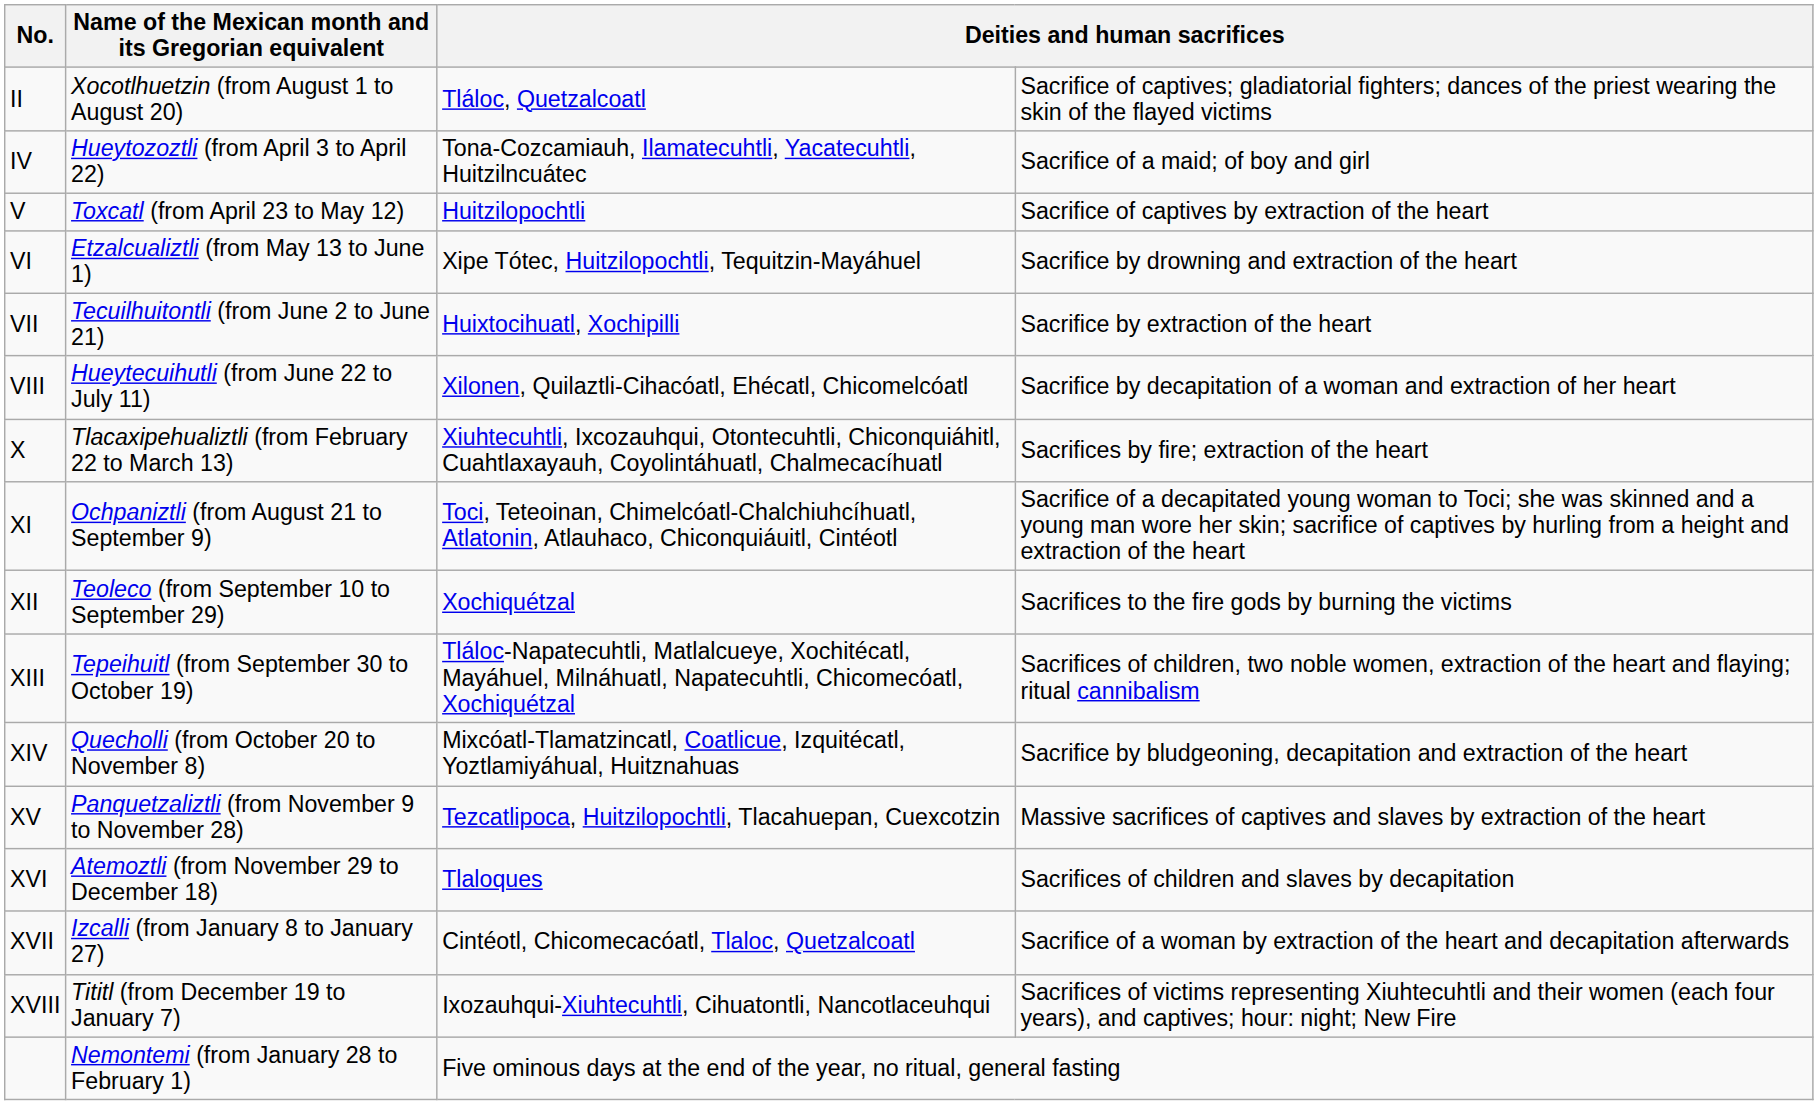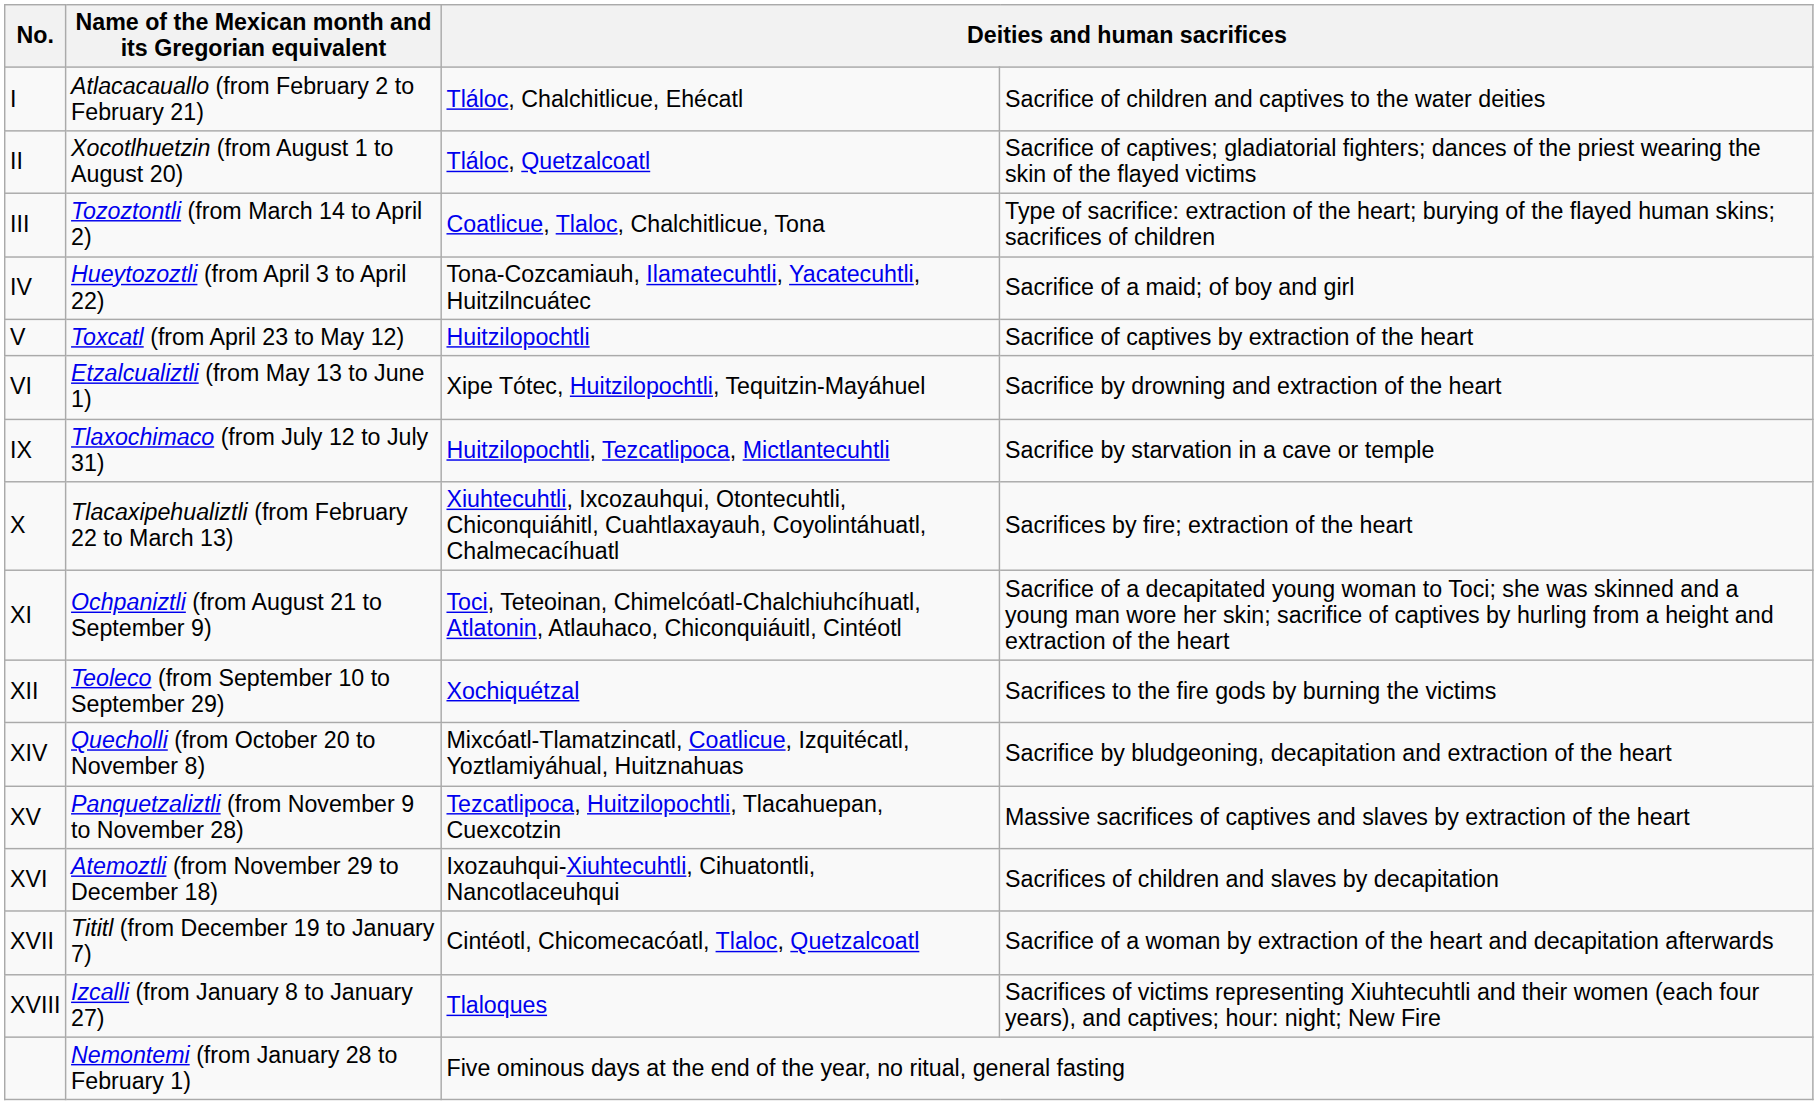 <table class="wikitable">
 <tr>
 <th style="align:center">No.</th>
 <th style="align:center">Name of the Mexican month and its Gregorian equivalent</th>
 <th style="align:center" colspan=2>Deities and human sacrifices</th>
 </tr>
 <tr>
+<td>I</td>
+<td><em>Atlacacauallo</em>  (from February 2 to February 21)</td>
+<td><a href='#'>Tláloc</a>,  Chalchitlicue,  Ehécatl</td>
+<td>Sacrifice of children and captives to the water deities</td>
+</tr>
+<tr>
 <td>II</td>
 <td><em>Xocotlhuetzin</em>  (from August 1 to August 20)</td>
 <td><a href='#'>Tláloc</a>,  <a href='#'>Quetzalcoatl</a></td>
 <td>Sacrifice of captives; gladiatorial fighters; dances of the priest wearing the skin of the flayed victims</td>
+</tr>
+<tr>
+<td>III</td>
+<td><em><a href='#'>Tozoztontli</a></em>  (from March 14 to April 2)</td>
+<td><a href='#'>Coatlicue</a>,  <a href='#'>Tlaloc</a>,  Chalchitlicue,  Tona</td>
+<td>Type of sacrifice: extraction of the heart; burying of the flayed human skins; sacrifices of children</td>
 </tr>
 <tr>
 <td>IV</td>
 <td><em><a href='#'>Hueytozoztli</a></em>  (from April 3 to April 22)</td>
 <td>Tona-Cozcamiauh,  <a href='#'>Ilamatecuhtli</a>,  <a href='#'>Yacatecuhtli</a>,  Huitzilncuátec</td>
 <td>Sacrifice of a maid; of boy and girl</td>
 </tr>
 <tr>
 <td>V</td>
 <td><em><a href='#'>Toxcatl</a></em>  (from April 23 to May 12)</td>
 <td><a href='#'>Huitzilopochtli</a></td>
 <td>Sacrifice of captives by extraction of the heart</td>
 </tr>
 <tr>
 <td>VI</td>
 <td><em><a href='#'>Etzalcualiztli</a></em>  (from May 13 to June 1)</td>
 <td>Xipe Tótec,  <a href='#'>Huitzilopochtli</a>,  Tequitzin-Mayáhuel</td>
 <td>Sacrifice by drowning and extraction of the heart</td>
 </tr>
 <tr>
-<td>VII</td>
-<td><em><a href='#'>Tecuilhuitontli</a></em>  (from June 2 to June 21)</td>
-<td><a href='#'>Huixtocihuatl</a>,  <a href='#'>Xochipilli</a></td>
-<td>Sacrifice by extraction of the heart</td>
-</tr>
-<tr>
-<td>VIII</td>
-<td><em><a href='#'>Hueytecuihutli</a></em>  (from June 22 to July 11)</td>
-<td><a href='#'>Xilonen</a>,  Quilaztli-Cihacóatl,  Ehécatl,  Chicomelcóatl</td>
-<td>Sacrifice by decapitation of a woman and extraction of her heart</td>
+<td>IX</td>
+<td><em><a href='#'>Tlaxochimaco</a></em>  (from July 12 to July 31)</td>
+<td><a href='#'>Huitzilopochtli</a>,  <a href='#'>Tezcatlipoca</a>,  <a href='#'>Mictlantecuhtli</a></td>
+<td>Sacrifice by starvation in a cave or temple</td>
 </tr>
 <tr>
 <td>X</td>
 <td><em>Tlacaxipehualiztli</em>  (from February 22 to March 13)</td>
 <td><a href='#'>Xiuhtecuhtli</a>,  Ixcozauhqui,  Otontecuhtli,  Chiconquiáhitl,  Cuahtlaxayauh,  Coyolintáhuatl,  Chalmecacíhuatl</td>
 <td>Sacrifices by fire; extraction of the heart</td>
 </tr>
 <tr>
 <td>XI</td>
 <td><em><a href='#'>Ochpaniztli</a></em>  (from August 21 to September 9)</td>
 <td><a href='#'>Toci</a>,  Teteoinan,  Chimelcóatl-Chalchiuhcíhuatl,  <a href='#'>Atlatonin</a>,  Atlauhaco,  Chiconquiáuitl,  Cintéotl</td>
 <td>Sacrifice of a decapitated young woman to Toci; she was skinned and a young man wore her skin; sacrifice of captives by hurling from a height and extraction of the heart</td>
 </tr>
 <tr>
 <td>XII</td>
 <td><em><a href='#'>Teoleco</a></em>  (from September 10 to September 29)</td>
 <td><a href='#'>Xochiquétzal</a></td>
 <td>Sacrifices to the fire gods by burning the victims</td>
 </tr>
 <tr>
-<td>XIII</td>
-<td><em><a href='#'>Tepeihuitl</a></em>  (from September 30 to October 19)</td>
-<td><a href='#'>Tláloc</a>-Napatecuhtli,  Matlalcueye,  Xochitécatl,  Mayáhuel,  Milnáhuatl,  Napatecuhtli,  Chicomecóatl,  <a href='#'>Xochiquétzal</a></td>
-<td>Sacrifices of children,  two noble women,  extraction of the heart and flaying; ritual <a href='#'>cannibalism</a></td>
-</tr>
-<tr>
 <td>XIV</td>
 <td><em><a href='#'>Quecholli</a></em>  (from October 20 to November 8)</td>
 <td>Mixcóatl-Tlamatzincatl,  <a href='#'>Coatlicue</a>,  Izquitécatl,  Yoztlamiyáhual,  Huitznahuas</td>
 <td>Sacrifice by bludgeoning,  decapitation and extraction of the heart</td>
 </tr>
 <tr>
 <td>XV</td>
 <td><em><a href='#'>Panquetzaliztli</a></em>  (from November 9 to November 28)</td>
 <td><a href='#'>Tezcatlipoca</a>,  <a href='#'>Huitzilopochtli</a>,  Tlacahuepan,  Cuexcotzin</td>
 <td>Massive sacrifices of captives and slaves by extraction of the heart</td>
 </tr>
 <tr>
 <td>XVI</td>
 <td><em><a href='#'>Atemoztli</a></em>  (from November 29 to December 18)</td>
-<td><a href='#'>Tlaloques</a></td>
+<td>Ixozauhqui-<a href='#'>Xiuhtecuhtli</a>,  Cihuatontli,  Nancotlaceuhqui</td>
 <td>Sacrifices of children and slaves by decapitation</td>
 </tr>
 <tr>
 <td>XVII</td>
-<td><em><a href='#'>Izcalli</a></em>  (from January 8 to January 27)</td>
+<td><em>Tititl</em>  (from December 19 to January 7)</td>
 <td>Cintéotl,  Chicomecacóatl,  <a href='#'>Tlaloc</a>,  <a href='#'>Quetzalcoatl</a></td>
 <td>Sacrifice of a woman by extraction of the heart and decapitation afterwards</td>
 </tr>
 <tr>
 <td>XVIII</td>
-<td><em>Tititl</em>  (from December 19 to January 7)</td>
-<td>Ixozauhqui-<a href='#'>Xiuhtecuhtli</a>,  Cihuatontli,  Nancotlaceuhqui</td>
+<td><em><a href='#'>Izcalli</a></em>  (from January 8 to January 27)</td>
+<td><a href='#'>Tlaloques</a></td>
 <td>Sacrifices of victims representing Xiuhtecuhtli and their women (each four years),  and captives; hour: night; New Fire</td>
 </tr>
 <tr>
 <td></td>
 <td><em><a href='#'>Nemontemi</a></em>  (from January 28 to February 1)</td>
 <td colspan="2">Five ominous days at the end of the year,  no ritual,  general fasting</td>
 </tr>
 </table>
